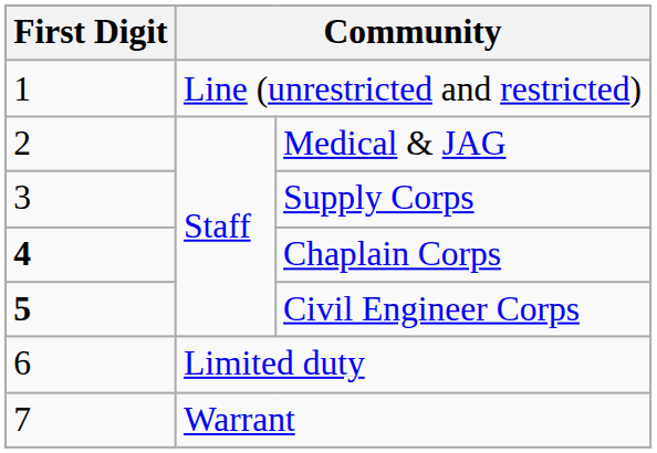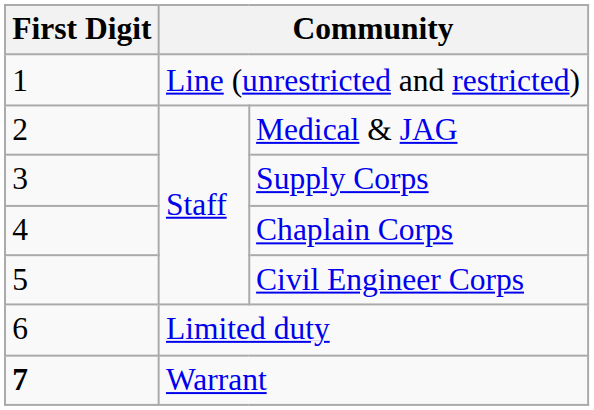 <table class="wikitable">
 <tr>
 <th>First Digit</th>
 <th colspan="2">Community</th>
 </tr>
 <tr>
 <td>1</td>
 <td colspan="2"><a href='#'>Line</a> (<a href='#'>unrestricted</a> and <a href='#'>restricted</a>)</td>
 </tr>
 <tr>
 <td>2</td>
 <td rowspan="4"><a href='#'>Staff</a></td>
 <td><a href='#'>Medical</a> & <a href='#'>JAG</a></td>
 </tr>
 <tr>
 <td>3</td>
 <td><a href='#'>Supply Corps</a></td>
 </tr>
 <tr>
-<td><strong>4</strong></td>
+<td>4</td>
 <td><a href='#'>Chaplain Corps</a></td>
 </tr>
 <tr>
-<td><strong>5</strong></td>
+<td>5</td>
 <td><a href='#'>Civil Engineer Corps</a></td>
 </tr>
 <tr>
 <td>6</td>
 <td colspan="2"><a href='#'>Limited duty</a></td>
 </tr>
 <tr>
-<td>7</td>
+<td><strong>7</strong></td>
 <td colspan="2"><a href='#'>Warrant</a></td>
 </tr>
 </table>
